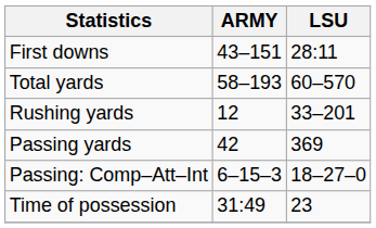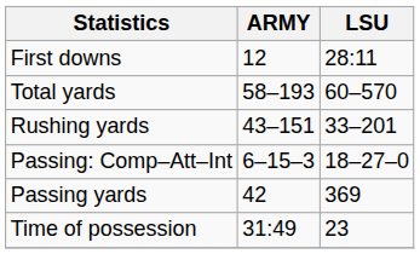 <table class="wikitable" style="float: left;">
 <tr>
 <th>Statistics</th>
 <th>ARMY</th>
 <th>LSU</th>
 </tr>
 <tr>
 <td>First downs</td>
-<td>43–151</td>
+<td>12</td>
 <td>28:11</td>
 </tr>
 <tr>
 <td>Total yards</td>
 <td>58–193</td>
 <td>60–570</td>
 </tr>
 <tr>
 <td>Rushing yards</td>
-<td>12</td>
+<td>43–151</td>
 <td>33–201</td>
+</tr>
+<tr>
+<td>Passing: Comp–Att–Int</td>
+<td>6–15–3</td>
+<td>18–27–0</td>
 </tr>
 <tr>
 <td>Passing yards</td>
 <td>42</td>
 <td>369</td>
-</tr>
-<tr>
-<td>Passing: Comp–Att–Int</td>
-<td>6–15–3</td>
-<td>18–27–0</td>
 </tr>
 <tr>
 <td>Time of possession</td>
 <td>31:49</td>
 <td>23</td>
 </tr>
 <tr>
 </tr>
 </table>
